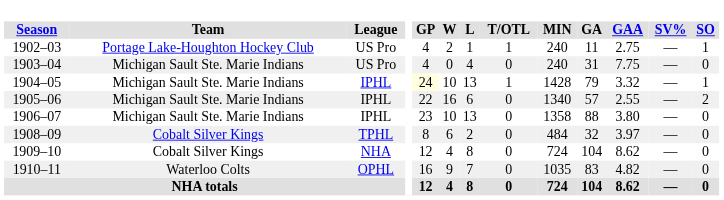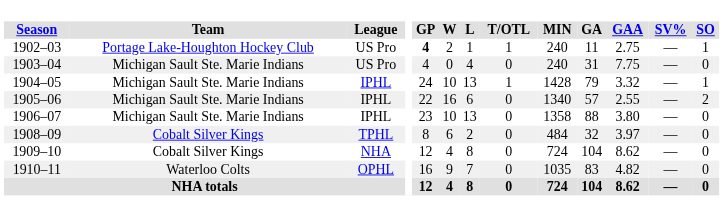 <table BORDER="0" CELLPADDING="1" CELLSPACING="0" width="65%">
 <tr align="center" style="background-color:#f0f0f0;">
 </tr>
 <tr bgcolor="#e0e0e0">
 <th colspan="3" bgcolor="#ffffff"> </th>
 <th rowspan="99" bgcolor="#ffffff"> </th>
 </tr>
 <tr bgcolor="#e0e0e0">
 <th><a href='#'>Season</a></th>
 <th>Team</th>
 <th>League</th>
 <th>GP</th>
 <th>W</th>
 <th>L</th>
 <th>T/OTL</th>
 <th>MIN</th>
 <th>GA</th>
 <th><a href='#'>GAA</a></th>
 <th><a href='#'>SV%</a></th>
 <th><a href='#'>SO</a></th>
 </tr>
 <tr style="text-align:center;">
 <td>1902–03</td>
 <td><a href='#'>Portage Lake-Houghton Hockey Club</a></td>
 <td>US Pro</td>
-<td>4</td>
+<td><strong>4</strong></td>
 <td>2</td>
 <td>1</td>
 <td>1</td>
 <td>240</td>
 <td>11</td>
 <td>2.75</td>
 <td>—</td>
 <td>1</td>
 </tr>
 <tr align="center" style="background-color:#f0f0f0;">
 <td>1903–04</td>
 <td>Michigan Sault Ste. Marie Indians</td>
 <td>US Pro</td>
 <td>4</td>
 <td>0</td>
 <td>4</td>
 <td>0</td>
 <td>240</td>
 <td>31</td>
 <td>7.75</td>
 <td>—</td>
 <td>0</td>
 </tr>
 <tr style="text-align:center;">
 <td>1904–05</td>
 <td>Michigan Sault Ste. Marie Indians</td>
 <td><a href='#'>IPHL</a></td>
-<td style="background: lightyellow;">24</td>
+<td>24</td>
 <td>10</td>
 <td>13</td>
 <td>1</td>
 <td>1428</td>
 <td>79</td>
 <td>3.32</td>
 <td>—</td>
 <td>1</td>
 </tr>
 <tr align="center" style="background-color:#f0f0f0;">
 <td>1905–06</td>
 <td>Michigan Sault Ste. Marie Indians</td>
 <td>IPHL</td>
 <td>22</td>
 <td>16</td>
 <td>6</td>
 <td>0</td>
 <td>1340</td>
 <td>57</td>
 <td>2.55</td>
 <td>—</td>
 <td>2</td>
 </tr>
 <tr style="text-align:center;">
 <td>1906–07</td>
 <td>Michigan Sault Ste. Marie Indians</td>
 <td>IPHL</td>
 <td>23</td>
 <td>10</td>
 <td>13</td>
 <td>0</td>
 <td>1358</td>
 <td>88</td>
 <td>3.80</td>
 <td>—</td>
 <td>0</td>
 </tr>
 <tr align="center" style="background-color:#f0f0f0;">
 <td>1908–09</td>
 <td><a href='#'>Cobalt Silver Kings</a></td>
 <td><a href='#'>TPHL</a></td>
 <td>8</td>
 <td>6</td>
 <td>2</td>
 <td>0</td>
 <td>484</td>
 <td>32</td>
 <td>3.97</td>
 <td>—</td>
 <td>0</td>
 </tr>
 <tr align="center">
 <td>1909–10</td>
 <td>Cobalt Silver Kings</td>
 <td><a href='#'>NHA</a></td>
 <td>12</td>
 <td>4</td>
 <td>8</td>
 <td>0</td>
 <td>724</td>
 <td>104</td>
 <td>8.62</td>
 <td>—</td>
 <td>0</td>
 </tr>
 <tr align="center" style="background-color:#f0f0f0;">
 <td>1910–11</td>
 <td>Waterloo Colts</td>
 <td><a href='#'>OPHL</a></td>
 <td>16</td>
 <td>9</td>
 <td>7</td>
 <td>0</td>
 <td>1035</td>
 <td>83</td>
 <td>4.82</td>
 <td>—</td>
 <td>0</td>
 </tr>
 <tr style="text-align:center; background-color:#e0e0e0;">
 <th colspan="3" align="center"><strong>NHA totals</strong></th>
 <th>12</th>
 <th>4</th>
 <th>8</th>
 <th>0</th>
 <th>724</th>
 <th>104</th>
 <th>8.62</th>
 <th>—</th>
 <th>0</th>
 </tr>
 </table>
